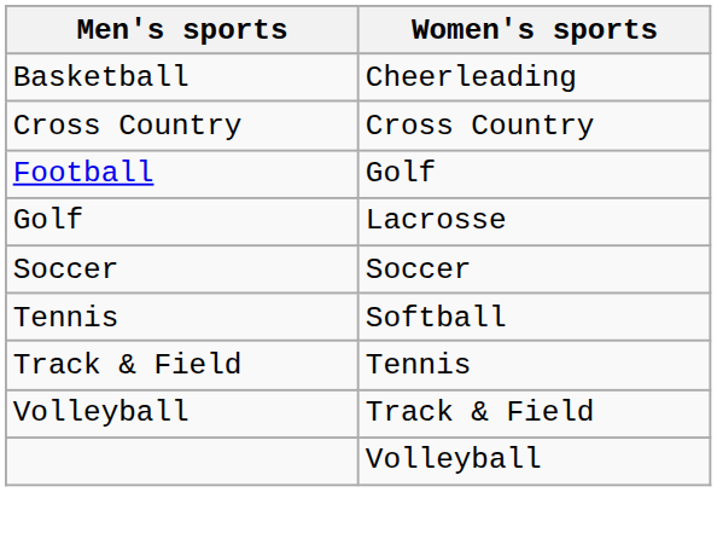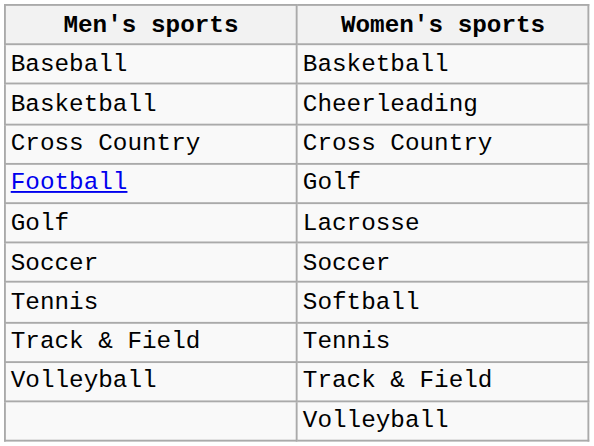 <table class="wikitable"; style= "text-align: ">
 <tr>
 <th width=150px>Men's sports</th>
 <th width=150px>Women's sports</th>
+</tr>
+<tr>
+<td>Baseball</td>
+<td>Basketball</td>
 </tr>
 <tr>
 <td>Basketball</td>
 <td>Cheerleading</td>
 </tr>
 <tr>
 <td>Cross Country</td>
 <td>Cross Country</td>
 </tr>
 <tr>
 <td><a href='#'>Football</a></td>
 <td>Golf</td>
 </tr>
 <tr>
 <td>Golf</td>
 <td>Lacrosse</td>
 </tr>
 <tr>
 <td>Soccer</td>
 <td>Soccer</td>
 </tr>
 <tr>
 <td>Tennis</td>
 <td>Softball</td>
 </tr>
 <tr>
 <td>Track & Field</td>
 <td>Tennis</td>
 </tr>
 <tr>
 <td>Volleyball</td>
 <td>Track & Field</td>
 </tr>
 <tr>
 <td></td>
 <td>Volleyball</td>
 </tr>
 </table>
